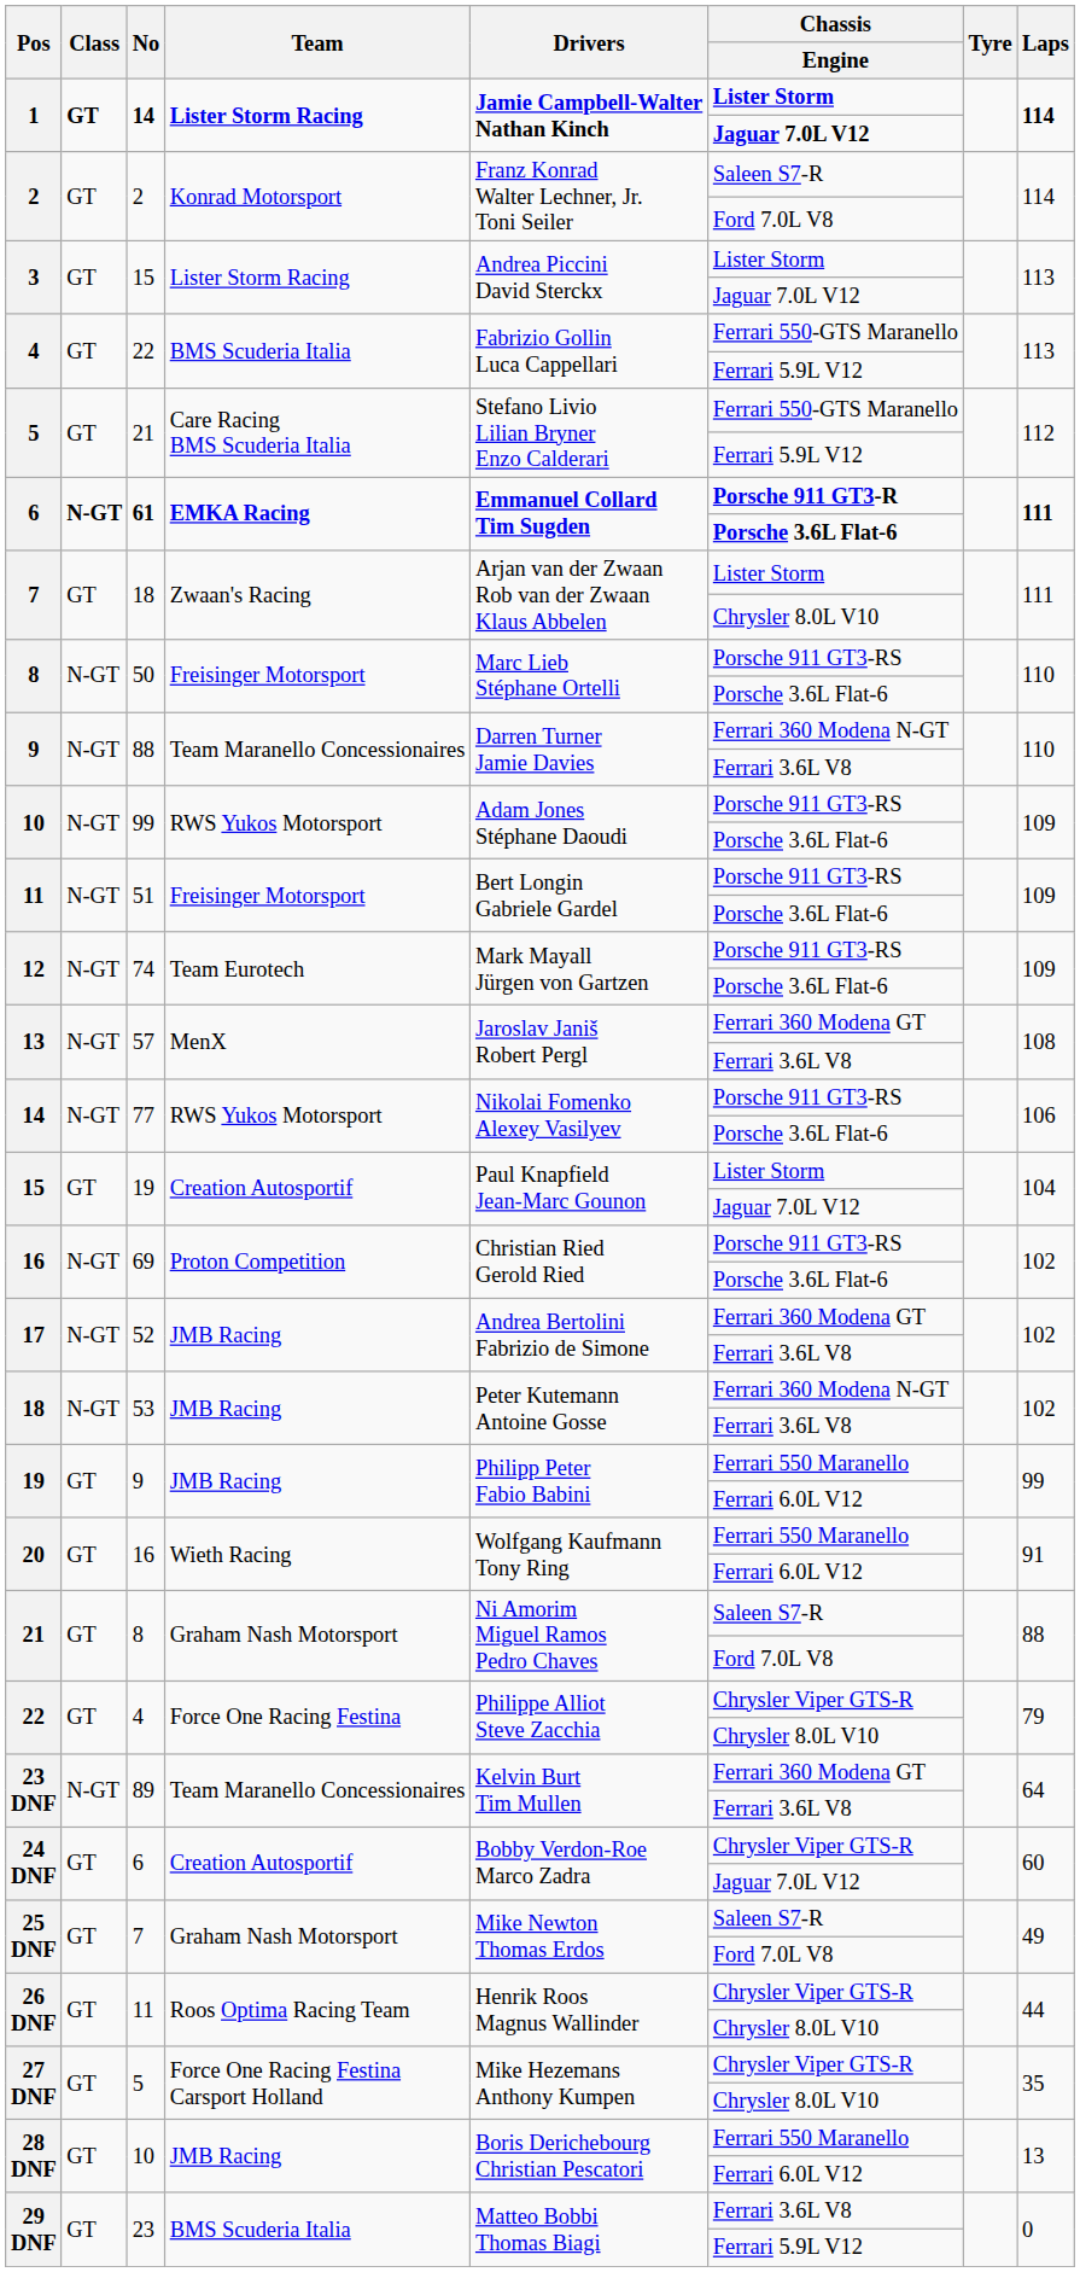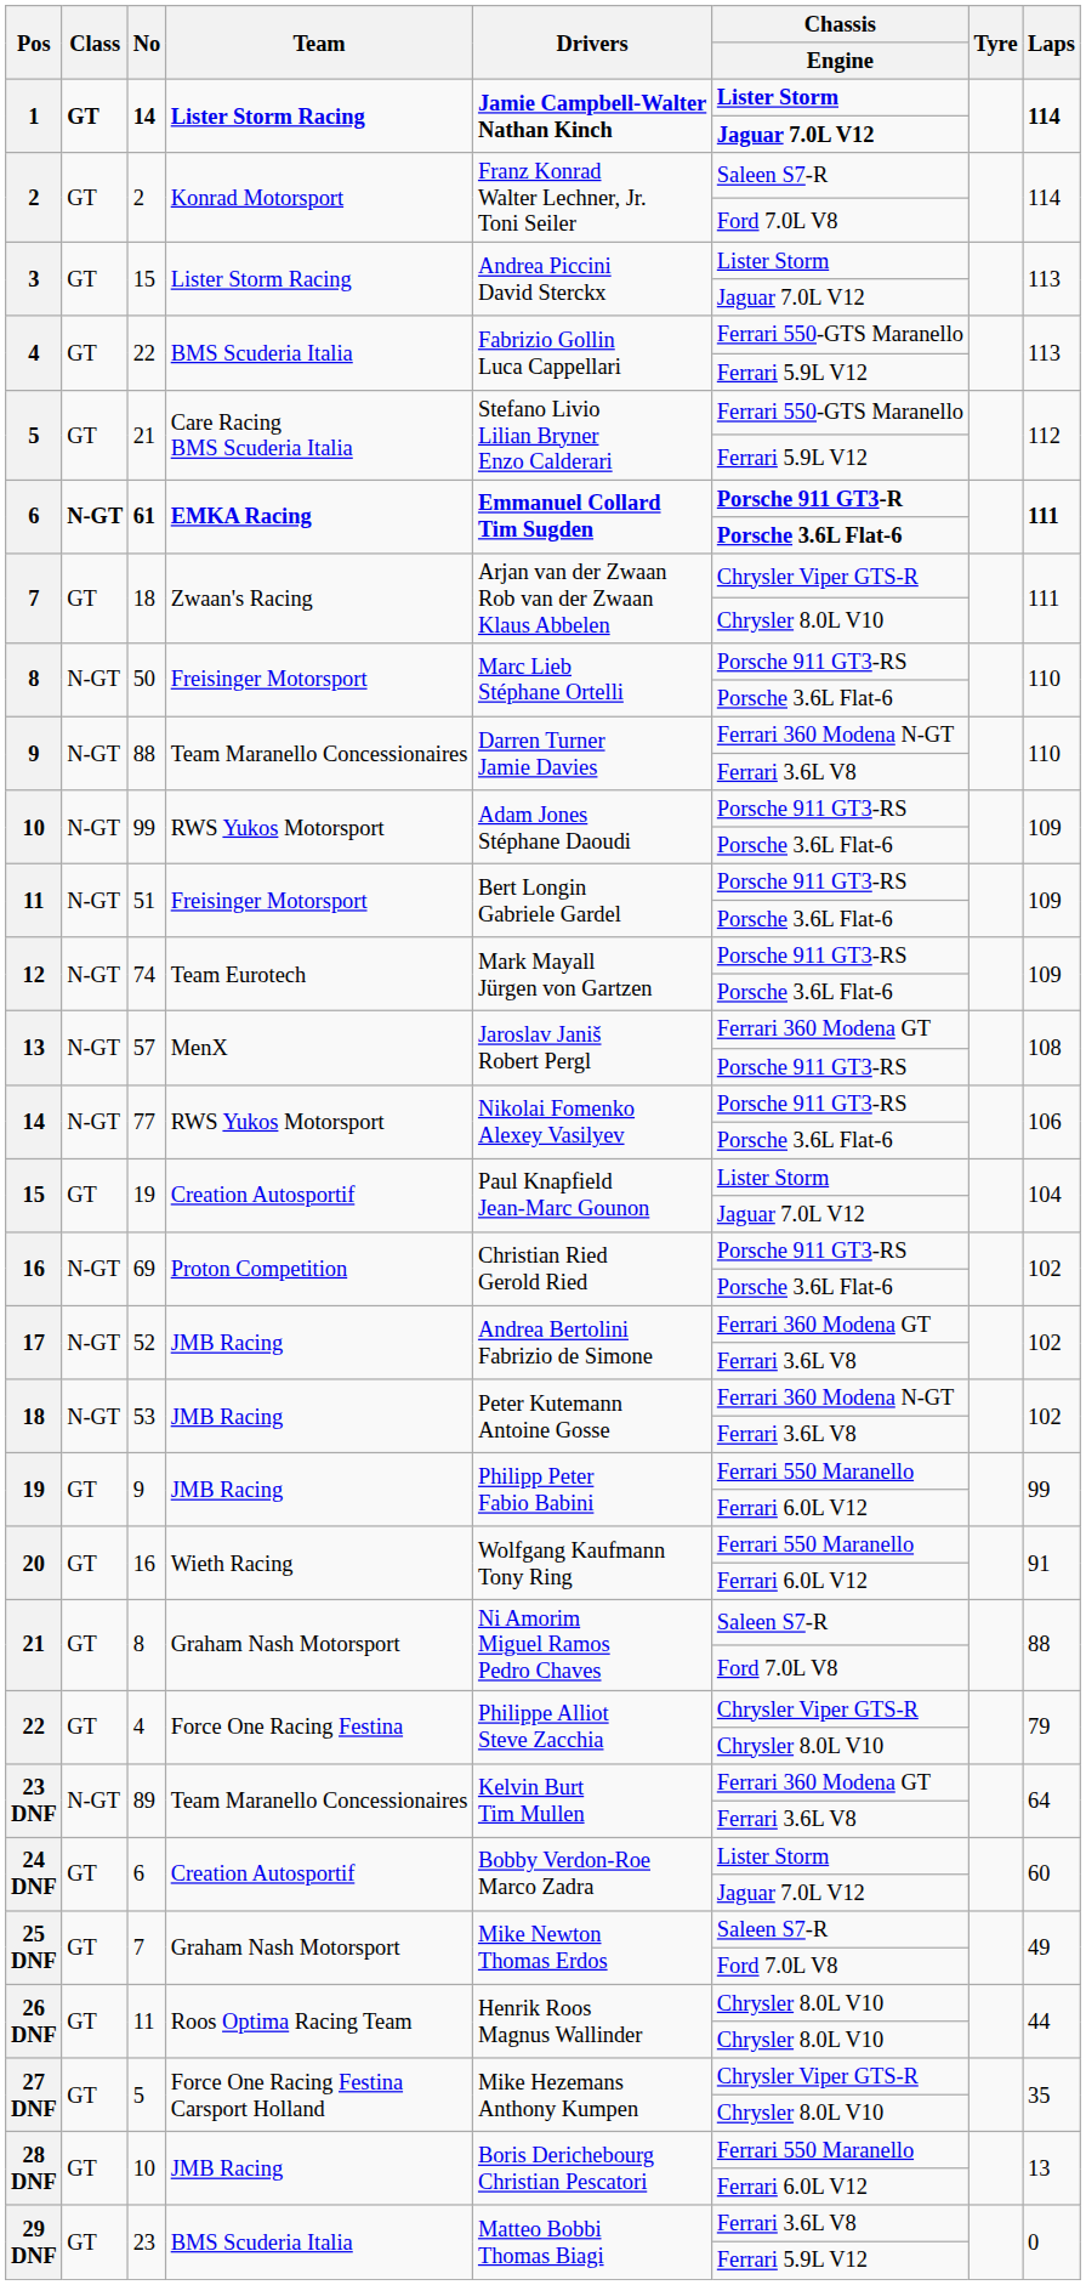 <table class="wikitable" style="font-size: 95%;">
 <tr>
 <th rowspan=2>Pos</th>
 <th rowspan=2>Class</th>
 <th rowspan=2>No</th>
 <th rowspan=2>Team</th>
 <th rowspan=2>Drivers</th>
 <th>Chassis</th>
 <th rowspan=2>Tyre</th>
 <th rowspan=2>Laps</th>
 </tr>
 <tr>
 <th>Engine</th>
 </tr>
 <tr style="font-weight:bold">
 <th rowspan=2>1</th>
 <td rowspan=2>GT</td>
 <td rowspan=2>14</td>
 <td rowspan=2> <a href='#'>Lister Storm Racing</a></td>
 <td rowspan=2> <a href='#'>Jamie Campbell-Walter</a><br> Nathan Kinch</td>
 <td><a href='#'>Lister Storm</a></td>
 <td rowspan=2></td>
 <td rowspan=2>114</td>
 </tr>
 <tr style="font-weight:bold">
 <td><a href='#'>Jaguar</a> 7.0L V12</td>
 </tr>
 <tr>
 <th rowspan=2>2</th>
 <td rowspan=2>GT</td>
 <td rowspan=2>2</td>
 <td rowspan=2> <a href='#'>Konrad Motorsport</a></td>
 <td rowspan=2> <a href='#'>Franz Konrad</a><br> Walter Lechner, Jr.<br> Toni Seiler</td>
 <td><a href='#'>Saleen S7</a>-R</td>
 <td rowspan=2></td>
 <td rowspan=2>114</td>
 </tr>
 <tr>
 <td><a href='#'>Ford</a> 7.0L V8</td>
 </tr>
 <tr>
 <th rowspan=2>3</th>
 <td rowspan=2>GT</td>
 <td rowspan=2>15</td>
 <td rowspan=2> <a href='#'>Lister Storm Racing</a></td>
 <td rowspan=2> <a href='#'>Andrea Piccini</a><br> David Sterckx</td>
 <td><a href='#'>Lister Storm</a></td>
 <td rowspan=2></td>
 <td rowspan=2>113</td>
 </tr>
 <tr>
 <td><a href='#'>Jaguar</a> 7.0L V12</td>
 </tr>
 <tr>
 <th rowspan=2>4</th>
 <td rowspan=2>GT</td>
 <td rowspan=2>22</td>
 <td rowspan=2> <a href='#'>BMS Scuderia Italia</a></td>
 <td rowspan=2> <a href='#'>Fabrizio Gollin</a><br> Luca Cappellari</td>
 <td><a href='#'>Ferrari 550</a>-GTS Maranello</td>
 <td rowspan=2></td>
 <td rowspan=2>113</td>
 </tr>
 <tr>
 <td><a href='#'>Ferrari</a> 5.9L V12</td>
 </tr>
 <tr>
 <th rowspan=2>5</th>
 <td rowspan=2>GT</td>
 <td rowspan=2>21</td>
 <td rowspan=2> Care Racing<br> <a href='#'>BMS Scuderia Italia</a></td>
 <td rowspan=2> Stefano Livio<br> <a href='#'>Lilian Bryner</a><br> <a href='#'>Enzo Calderari</a></td>
 <td><a href='#'>Ferrari 550</a>-GTS Maranello</td>
 <td rowspan=2></td>
 <td rowspan=2>112</td>
 </tr>
 <tr>
 <td><a href='#'>Ferrari</a> 5.9L V12</td>
 </tr>
 <tr style="font-weight:bold">
 <th rowspan=2>6</th>
 <td rowspan=2>N-GT</td>
 <td rowspan=2>61</td>
 <td rowspan=2> <a href='#'>EMKA Racing</a></td>
 <td rowspan=2> <a href='#'>Emmanuel Collard</a><br> <a href='#'>Tim Sugden</a></td>
 <td><a href='#'>Porsche 911 GT3</a>-R</td>
 <td rowspan=2></td>
 <td rowspan=2>111</td>
 </tr>
 <tr style="font-weight:bold">
 <td><a href='#'>Porsche</a> 3.6L Flat-6</td>
 </tr>
 <tr>
 <th rowspan=2>7</th>
 <td rowspan=2>GT</td>
 <td rowspan=2>18</td>
 <td rowspan=2> Zwaan's Racing</td>
 <td rowspan=2> Arjan van der Zwaan<br> Rob van der Zwaan<br> <a href='#'>Klaus Abbelen</a></td>
-<td><a href='#'>Lister Storm</a></td>
+<td><a href='#'>Chrysler Viper GTS-R</a></td>
 <td rowspan=2></td>
 <td rowspan=2>111</td>
 </tr>
 <tr>
 <td><a href='#'>Chrysler</a> 8.0L V10</td>
 </tr>
 <tr>
 <th rowspan=2>8</th>
 <td rowspan=2>N-GT</td>
 <td rowspan=2>50</td>
 <td rowspan=2> <a href='#'>Freisinger Motorsport</a></td>
 <td rowspan=2> <a href='#'>Marc Lieb</a><br> <a href='#'>Stéphane Ortelli</a></td>
 <td><a href='#'>Porsche 911 GT3</a>-RS</td>
 <td rowspan=2></td>
 <td rowspan=2>110</td>
 </tr>
 <tr>
 <td><a href='#'>Porsche</a> 3.6L Flat-6</td>
 </tr>
 <tr>
 <th rowspan=2>9</th>
 <td rowspan=2>N-GT</td>
 <td rowspan=2>88</td>
 <td rowspan=2> Team Maranello Concessionaires</td>
 <td rowspan=2> <a href='#'>Darren Turner</a><br> <a href='#'>Jamie Davies</a></td>
 <td><a href='#'>Ferrari 360 Modena</a> N-GT</td>
 <td rowspan=2></td>
 <td rowspan=2>110</td>
 </tr>
 <tr>
 <td><a href='#'>Ferrari</a> 3.6L V8</td>
 </tr>
 <tr>
 <th rowspan=2>10</th>
 <td rowspan=2>N-GT</td>
 <td rowspan=2>99</td>
 <td rowspan=2> RWS <a href='#'>Yukos</a> Motorsport</td>
 <td rowspan=2> <a href='#'>Adam Jones</a><br> Stéphane Daoudi</td>
 <td><a href='#'>Porsche 911 GT3</a>-RS</td>
 <td rowspan=2></td>
 <td rowspan=2>109</td>
 </tr>
 <tr>
 <td><a href='#'>Porsche</a> 3.6L Flat-6</td>
 </tr>
 <tr>
 <th rowspan=2>11</th>
 <td rowspan=2>N-GT</td>
 <td rowspan=2>51</td>
 <td rowspan=2> <a href='#'>Freisinger Motorsport</a></td>
 <td rowspan=2> Bert Longin<br> Gabriele Gardel</td>
 <td><a href='#'>Porsche 911 GT3</a>-RS</td>
 <td rowspan=2></td>
 <td rowspan=2>109</td>
 </tr>
 <tr>
 <td><a href='#'>Porsche</a> 3.6L Flat-6</td>
 </tr>
 <tr>
 <th rowspan=2>12</th>
 <td rowspan=2>N-GT</td>
 <td rowspan=2>74</td>
 <td rowspan=2> Team Eurotech</td>
 <td rowspan=2> Mark Mayall<br> Jürgen von Gartzen</td>
 <td><a href='#'>Porsche 911 GT3</a>-RS</td>
 <td rowspan=2></td>
 <td rowspan=2>109</td>
 </tr>
 <tr>
 <td><a href='#'>Porsche</a> 3.6L Flat-6</td>
 </tr>
 <tr>
 <th rowspan=2>13</th>
 <td rowspan=2>N-GT</td>
 <td rowspan=2>57</td>
 <td rowspan=2> MenX</td>
 <td rowspan=2> <a href='#'>Jaroslav Janiš</a><br> Robert Pergl</td>
 <td><a href='#'>Ferrari 360 Modena</a> GT</td>
 <td rowspan=2></td>
 <td rowspan=2>108</td>
 </tr>
 <tr>
-<td><a href='#'>Ferrari</a> 3.6L V8</td>
+<td><a href='#'>Porsche 911 GT3</a>-RS</td>
 </tr>
 <tr>
 <th rowspan=2>14</th>
 <td rowspan=2>N-GT</td>
 <td rowspan=2>77</td>
 <td rowspan=2> RWS <a href='#'>Yukos</a> Motorsport</td>
 <td rowspan=2> <a href='#'>Nikolai Fomenko</a><br> <a href='#'>Alexey Vasilyev</a></td>
 <td><a href='#'>Porsche 911 GT3</a>-RS</td>
 <td rowspan=2></td>
 <td rowspan=2>106</td>
 </tr>
 <tr>
 <td><a href='#'>Porsche</a> 3.6L Flat-6</td>
 </tr>
 <tr>
 <th rowspan=2>15</th>
 <td rowspan=2>GT</td>
 <td rowspan=2>19</td>
 <td rowspan=2> <a href='#'>Creation Autosportif</a></td>
 <td rowspan=2> Paul Knapfield<br> <a href='#'>Jean-Marc Gounon</a></td>
 <td><a href='#'>Lister Storm</a></td>
 <td rowspan=2></td>
 <td rowspan=2>104</td>
 </tr>
 <tr>
 <td><a href='#'>Jaguar</a> 7.0L V12</td>
 </tr>
 <tr>
 <th rowspan=2>16</th>
 <td rowspan=2>N-GT</td>
 <td rowspan=2>69</td>
 <td rowspan=2> <a href='#'>Proton Competition</a></td>
 <td rowspan=2> Christian Ried<br> Gerold Ried</td>
 <td><a href='#'>Porsche 911 GT3</a>-RS</td>
 <td rowspan=2></td>
 <td rowspan=2>102</td>
 </tr>
 <tr>
 <td><a href='#'>Porsche</a> 3.6L Flat-6</td>
 </tr>
 <tr>
 <th rowspan=2>17</th>
 <td rowspan=2>N-GT</td>
 <td rowspan=2>52</td>
 <td rowspan=2> <a href='#'>JMB Racing</a></td>
 <td rowspan=2> <a href='#'>Andrea Bertolini</a><br> Fabrizio de Simone</td>
 <td><a href='#'>Ferrari 360 Modena</a> GT</td>
 <td rowspan=2></td>
 <td rowspan=2>102</td>
 </tr>
 <tr>
 <td><a href='#'>Ferrari</a> 3.6L V8</td>
 </tr>
 <tr>
 <th rowspan=2>18</th>
 <td rowspan=2>N-GT</td>
 <td rowspan=2>53</td>
 <td rowspan=2> <a href='#'>JMB Racing</a></td>
 <td rowspan=2> Peter Kutemann<br> Antoine Gosse</td>
 <td><a href='#'>Ferrari 360 Modena</a> N-GT</td>
 <td rowspan=2></td>
 <td rowspan=2>102</td>
 </tr>
 <tr>
 <td><a href='#'>Ferrari</a> 3.6L V8</td>
 </tr>
 <tr>
 <th rowspan=2>19</th>
 <td rowspan=2>GT</td>
 <td rowspan=2>9</td>
 <td rowspan=2> <a href='#'>JMB Racing</a></td>
 <td rowspan=2> <a href='#'>Philipp Peter</a><br> <a href='#'>Fabio Babini</a></td>
 <td><a href='#'>Ferrari 550 Maranello</a></td>
 <td rowspan=2></td>
 <td rowspan=2>99</td>
 </tr>
 <tr>
 <td><a href='#'>Ferrari</a> 6.0L V12</td>
 </tr>
 <tr>
 <th rowspan=2>20</th>
 <td rowspan=2>GT</td>
 <td rowspan=2>16</td>
 <td rowspan=2> Wieth Racing</td>
 <td rowspan=2> Wolfgang Kaufmann<br> Tony Ring</td>
 <td><a href='#'>Ferrari 550 Maranello</a></td>
 <td rowspan=2></td>
 <td rowspan=2>91</td>
 </tr>
 <tr>
 <td><a href='#'>Ferrari</a> 6.0L V12</td>
 </tr>
 <tr>
 <th rowspan=2>21</th>
 <td rowspan=2>GT</td>
 <td rowspan=2>8</td>
 <td rowspan=2> Graham Nash Motorsport</td>
 <td rowspan=2> <a href='#'>Ni Amorim</a><br> <a href='#'>Miguel Ramos</a><br> <a href='#'>Pedro Chaves</a></td>
 <td><a href='#'>Saleen S7</a>-R</td>
 <td rowspan=2></td>
 <td rowspan=2>88</td>
 </tr>
 <tr>
 <td><a href='#'>Ford</a> 7.0L V8</td>
 </tr>
 <tr>
 <th rowspan=2>22</th>
 <td rowspan=2>GT</td>
 <td rowspan=2>4</td>
 <td rowspan=2> Force One Racing <a href='#'>Festina</a></td>
 <td rowspan=2> <a href='#'>Philippe Alliot</a><br> <a href='#'>Steve Zacchia</a></td>
 <td><a href='#'>Chrysler Viper GTS-R</a></td>
 <td rowspan=2></td>
 <td rowspan=2>79</td>
 </tr>
 <tr>
 <td><a href='#'>Chrysler</a> 8.0L V10</td>
 </tr>
 <tr>
 <th rowspan=2>23<br>DNF</th>
 <td rowspan=2>N-GT</td>
 <td rowspan=2>89</td>
 <td rowspan=2> Team Maranello Concessionaires</td>
 <td rowspan=2> <a href='#'>Kelvin Burt</a><br> <a href='#'>Tim Mullen</a></td>
 <td><a href='#'>Ferrari 360 Modena</a> GT</td>
 <td rowspan=2></td>
 <td rowspan=2>64</td>
 </tr>
 <tr>
 <td><a href='#'>Ferrari</a> 3.6L V8</td>
 </tr>
 <tr>
 <th rowspan=2>24<br>DNF</th>
 <td rowspan=2>GT</td>
 <td rowspan=2>6</td>
 <td rowspan=2> <a href='#'>Creation Autosportif</a></td>
 <td rowspan=2> <a href='#'>Bobby Verdon-Roe</a><br> Marco Zadra</td>
-<td><a href='#'>Chrysler Viper GTS-R</a></td>
+<td><a href='#'>Lister Storm</a></td>
 <td rowspan=2></td>
 <td rowspan=2>60</td>
 </tr>
 <tr>
 <td><a href='#'>Jaguar</a> 7.0L V12</td>
 </tr>
 <tr>
 <th rowspan=2>25<br>DNF</th>
 <td rowspan=2>GT</td>
 <td rowspan=2>7</td>
 <td rowspan=2> Graham Nash Motorsport</td>
 <td rowspan=2> <a href='#'>Mike Newton</a><br> <a href='#'>Thomas Erdos</a></td>
 <td><a href='#'>Saleen S7</a>-R</td>
 <td rowspan=2></td>
 <td rowspan=2>49</td>
 </tr>
 <tr>
 <td><a href='#'>Ford</a> 7.0L V8</td>
 </tr>
 <tr>
 <th rowspan=2>26<br>DNF</th>
 <td rowspan=2>GT</td>
 <td rowspan=2>11</td>
 <td rowspan=2> Roos <a href='#'>Optima</a> Racing Team</td>
 <td rowspan=2> Henrik Roos<br> Magnus Wallinder</td>
-<td><a href='#'>Chrysler Viper GTS-R</a></td>
+<td><a href='#'>Chrysler</a> 8.0L V10</td>
 <td rowspan=2></td>
 <td rowspan=2>44</td>
 </tr>
 <tr>
 <td><a href='#'>Chrysler</a> 8.0L V10</td>
 </tr>
 <tr>
 <th rowspan=2>27<br>DNF</th>
 <td rowspan=2>GT</td>
 <td rowspan=2>5</td>
 <td rowspan=2> Force One Racing <a href='#'>Festina</a><br> Carsport Holland</td>
 <td rowspan=2> Mike Hezemans<br> Anthony Kumpen</td>
 <td><a href='#'>Chrysler Viper GTS-R</a></td>
 <td rowspan=2></td>
 <td rowspan=2>35</td>
 </tr>
 <tr>
 <td><a href='#'>Chrysler</a> 8.0L V10</td>
 </tr>
 <tr>
 <th rowspan=2>28<br>DNF</th>
 <td rowspan=2>GT</td>
 <td rowspan=2>10</td>
 <td rowspan=2> <a href='#'>JMB Racing</a></td>
 <td rowspan=2> <a href='#'>Boris Derichebourg</a><br> <a href='#'>Christian Pescatori</a></td>
 <td><a href='#'>Ferrari 550 Maranello</a></td>
 <td rowspan=2></td>
 <td rowspan=2>13</td>
 </tr>
 <tr>
 <td><a href='#'>Ferrari</a> 6.0L V12</td>
 </tr>
 <tr>
 <th rowspan=2>29<br>DNF</th>
 <td rowspan=2>GT</td>
 <td rowspan=2>23</td>
 <td rowspan=2> <a href='#'>BMS Scuderia Italia</a></td>
 <td rowspan=2> <a href='#'>Matteo Bobbi</a><br> <a href='#'>Thomas Biagi</a></td>
 <td><a href='#'>Ferrari</a> 3.6L V8</td>
 <td rowspan=2></td>
 <td rowspan=2>0</td>
 </tr>
 <tr>
 <td><a href='#'>Ferrari</a> 5.9L V12</td>
 </tr>
 </table>
